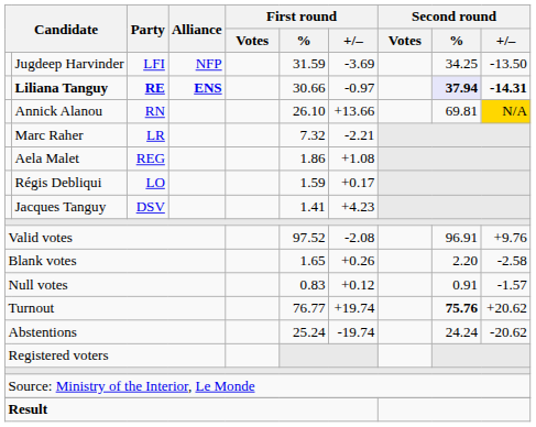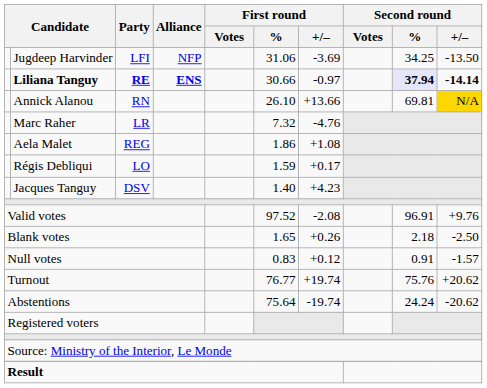 <table class="wikitable" style="text-align:right;font-size:95%;">
 <tr>
 <th rowspan="2" colspan="2">Candidate</th>
 <th rowspan="2">Party</th>
 <th rowspan="2">Alliance</th>
 <th colspan="3">First round</th>
 <th colspan="3">Second round</th>
 </tr>
 <tr>
 <th style="width:50px;">Votes</th>
 <th style="width:45px;">%</th>
 <th style="width:45px;">+/–</th>
 <th style="width:50px;">Votes</th>
 <th style="width:45px;">%</th>
 <th style="width:45px;">+/–</th>
 </tr>
 <tr>
 <td style="color:inherit;background:"></td>
 <td style="text-align:left;">Jugdeep Harvinder</td>
 <td><a href='#'>LFI</a></td>
 <td><a href='#'>NFP</a></td>
 <td></td>
-<td>31.59</td>
+<td>31.06</td>
 <td>-3.69</td>
 <td></td>
 <td>34.25</td>
 <td>-13.50</td>
 </tr>
 <tr>
 <td style="color:inherit;background:"></td>
 <td style="text-align:left;"><strong>Liliana Tanguy</strong></td>
 <td><a href='#'><strong>RE</strong></a></td>
 <td><a href='#'><strong>ENS</strong></a></td>
 <td></td>
 <td>30.66</td>
 <td>-0.97</td>
 <td><strong></strong></td>
 <td style="background: lavender;"><strong>37.94</strong></td>
-<td><strong>-14.31</strong></td>
+<td><strong>-14.14</strong></td>
 </tr>
 <tr>
 <td style="color:inherit;background:"></td>
 <td style="text-align:left;">Annick Alanou</td>
 <td><a href='#'>RN</a></td>
 <td></td>
 <td></td>
 <td>26.10</td>
 <td>+13.66</td>
 <td></td>
 <td>69.81</td>
 <td style="background: gold;">N/A</td>
 </tr>
 <tr>
 <td style="color:inherit;background:"></td>
 <td style="text-align:left;">Marc Raher</td>
 <td><a href='#'>LR</a></td>
 <td></td>
 <td></td>
 <td>7.32</td>
-<td>-2.21</td>
+<td>-4.76</td>
 <td colspan="3" style="background:#E9E9E9;"></td>
 </tr>
 <tr>
 <td style="color:inherit;background:"></td>
 <td style="text-align:left;">Aela Malet</td>
 <td><a href='#'>REG</a></td>
 <td></td>
 <td></td>
 <td>1.86</td>
 <td>+1.08</td>
 <td colspan="3" style="background:#E9E9E9;"></td>
 </tr>
 <tr>
 <td style="color:inherit;background:"></td>
 <td style="text-align:left;">Régis Debliqui</td>
 <td><a href='#'>LO</a></td>
 <td></td>
 <td></td>
 <td>1.59</td>
 <td>+0.17</td>
 <td colspan="3" style="background:#E9E9E9;"></td>
 </tr>
 <tr>
 <td style="color:inherit;background:"></td>
 <td style="text-align:left;">Jacques Tanguy</td>
 <td><a href='#'>DSV</a></td>
 <td></td>
 <td></td>
-<td>1.41</td>
+<td>1.40</td>
 <td>+4.23</td>
 <td colspan="3" style="background:#E9E9E9;"></td>
 </tr>
 <tr>
 <td colspan="10" style="background:#E9E9E9;"></td>
 </tr>
 <tr>
 <td colspan="4" style="text-align:left;">Valid votes</td>
 <td></td>
 <td>97.52</td>
 <td>-2.08</td>
 <td></td>
 <td>96.91</td>
 <td>+9.76</td>
 </tr>
 <tr>
 <td colspan="4" style="text-align:left;">Blank votes</td>
 <td></td>
 <td>1.65</td>
 <td>+0.26</td>
 <td></td>
-<td>2.20</td>
-<td>-2.58</td>
+<td>2.18</td>
+<td>-2.50</td>
 </tr>
 <tr>
 <td colspan="4" style="text-align:left;">Null votes</td>
 <td></td>
 <td>0.83</td>
 <td>+0.12</td>
 <td></td>
 <td>0.91</td>
 <td>-1.57</td>
 </tr>
 <tr>
 <td colspan="4" style="text-align:left;">Turnout</td>
 <td></td>
 <td>76.77</td>
 <td>+19.74</td>
 <td></td>
-<td><strong>75.76</strong></td>
+<td>75.76</td>
 <td>+20.62</td>
 </tr>
 <tr>
 <td colspan="4" style="text-align:left;">Abstentions</td>
 <td></td>
-<td>25.24</td>
+<td>75.64</td>
 <td>-19.74</td>
 <td></td>
 <td>24.24</td>
 <td>-20.62</td>
 </tr>
 <tr>
 <td colspan="4" style="text-align:left;">Registered voters</td>
 <td></td>
 <td colspan="2" style="background:#E9E9E9;"></td>
 <td></td>
 <td colspan="2" style="background:#E9E9E9;"></td>
 </tr>
 <tr>
 <td colspan="10" style="background:#E9E9E9;"></td>
 </tr>
 <tr>
 <td colspan="10" style="text-align:left;">Source: <a href='#'>Ministry of the Interior</a>, <a href='#'>Le Monde</a></td>
 </tr>
 <tr>
 </tr>
 <tr style="font-weight:bold">
 <td colspan="7" style="text-align:left;">Result</td>
 <td colspan="7" style="background-color:"></td>
 </tr>
 </table>
